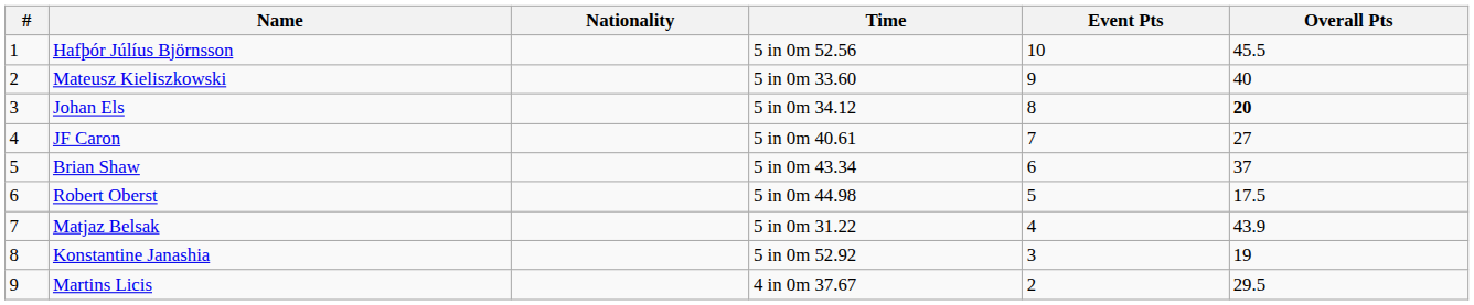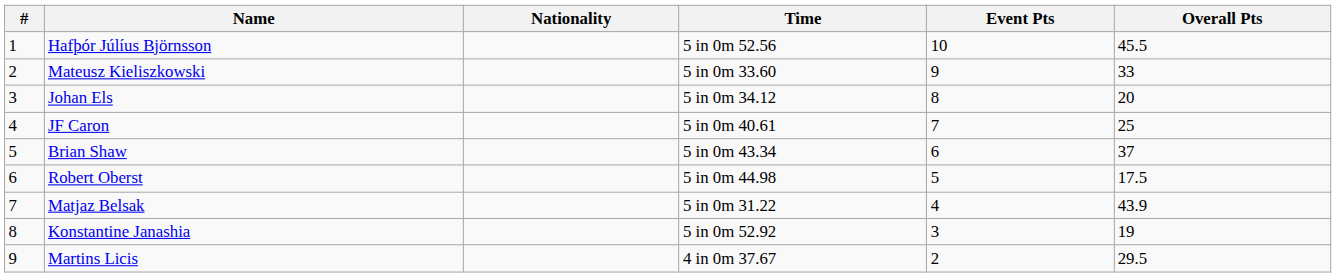 <table class="wikitable sortable" style="display: inline-table;width: 100%;">
 <tr>
 <th>#</th>
 <th>Name</th>
 <th>Nationality</th>
 <th>Time</th>
 <th>Event Pts</th>
 <th>Overall Pts</th>
 </tr>
 <tr>
 <td>1</td>
 <td><a href='#'>Hafþór Júlíus Björnsson</a></td>
 <td></td>
 <td>5 in 0m 52.56</td>
 <td>10</td>
 <td>45.5</td>
 </tr>
 <tr>
 <td>2</td>
 <td><a href='#'>Mateusz Kieliszkowski</a></td>
 <td></td>
 <td>5 in 0m 33.60</td>
 <td>9</td>
-<td>40</td>
+<td>33</td>
 </tr>
 <tr>
 <td>3</td>
 <td><a href='#'>Johan Els</a></td>
 <td></td>
 <td>5 in 0m 34.12</td>
 <td>8</td>
-<td><strong>20</strong></td>
+<td>20</td>
 </tr>
 <tr>
 <td>4</td>
 <td><a href='#'>JF Caron</a></td>
 <td></td>
 <td>5 in 0m 40.61</td>
 <td>7</td>
-<td>27</td>
+<td>25</td>
 </tr>
 <tr>
 <td>5</td>
 <td><a href='#'>Brian Shaw</a></td>
 <td></td>
 <td>5 in 0m 43.34</td>
 <td>6</td>
 <td>37</td>
 </tr>
 <tr>
 <td>6</td>
 <td><a href='#'>Robert Oberst</a></td>
 <td></td>
 <td>5 in 0m 44.98</td>
 <td>5</td>
 <td>17.5</td>
 </tr>
 <tr>
 <td>7</td>
 <td><a href='#'>Matjaz Belsak</a></td>
 <td></td>
 <td>5 in 0m 31.22</td>
 <td>4</td>
 <td>43.9</td>
 </tr>
 <tr>
 <td>8</td>
 <td><a href='#'>Konstantine Janashia</a></td>
 <td></td>
 <td>5 in 0m 52.92</td>
 <td>3</td>
 <td>19</td>
 </tr>
 <tr>
 <td>9</td>
 <td><a href='#'>Martins Licis</a></td>
 <td></td>
 <td>4 in 0m 37.67</td>
 <td>2</td>
 <td>29.5</td>
 </tr>
 </table>
